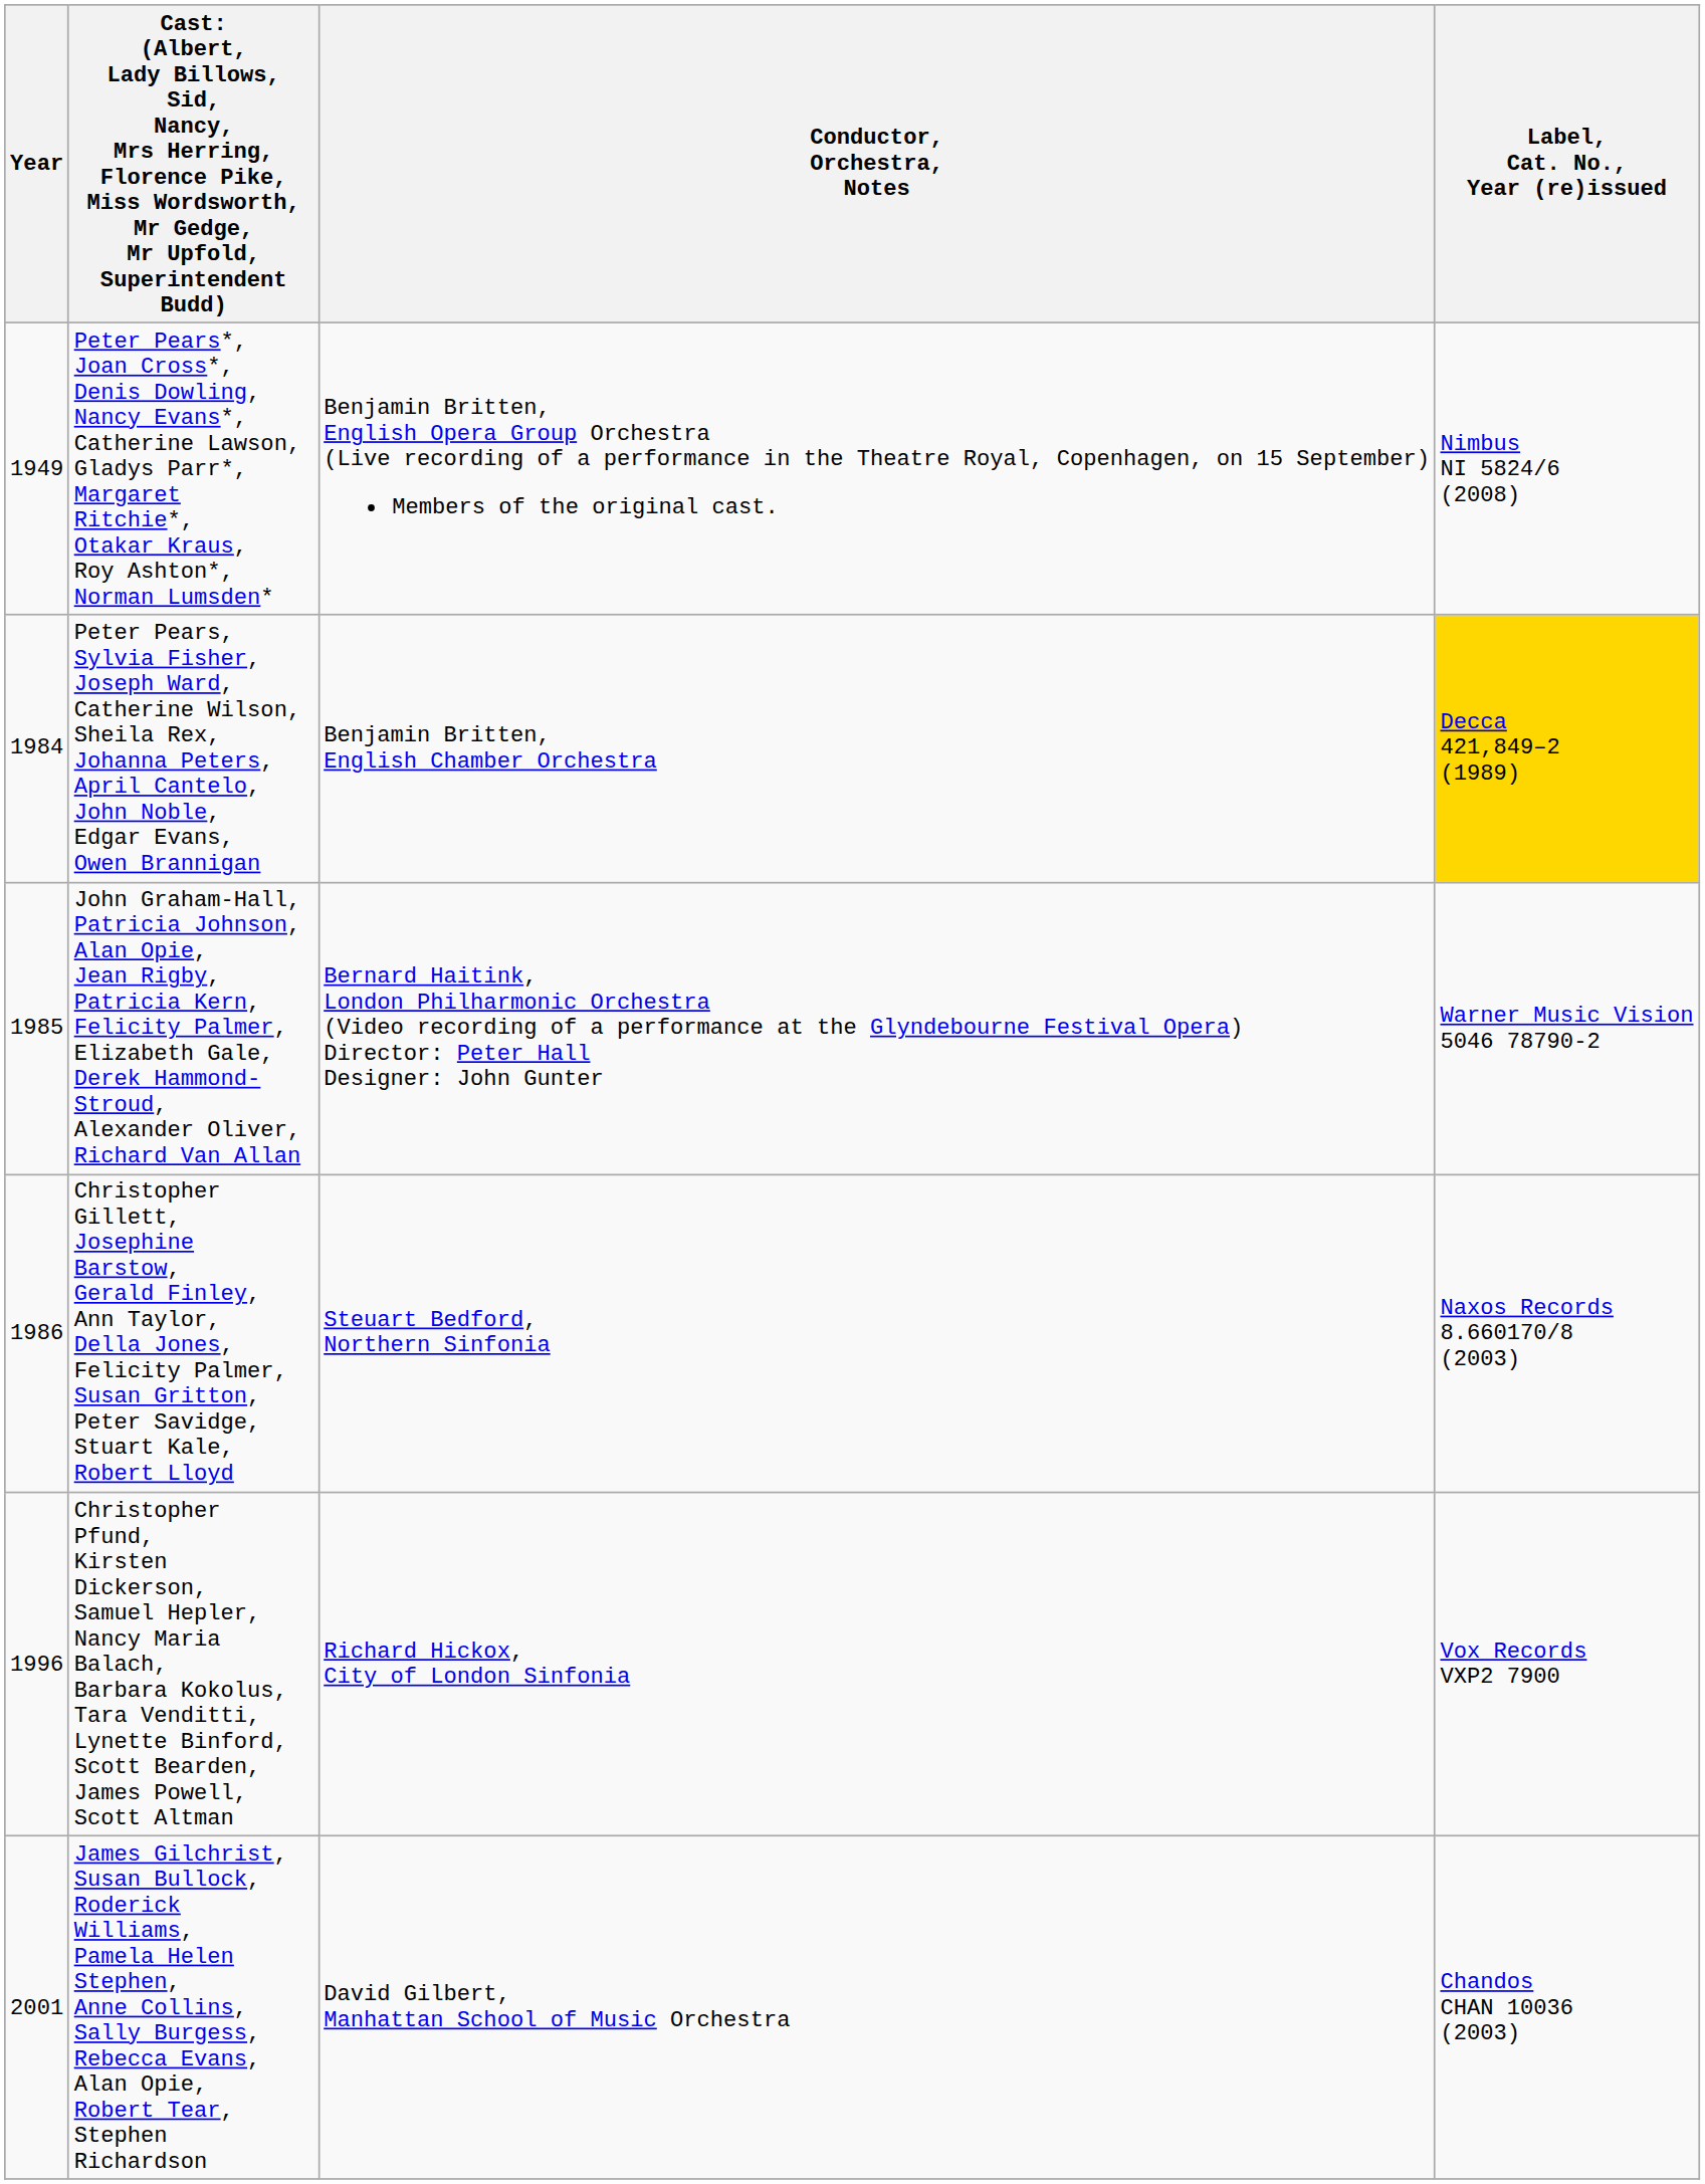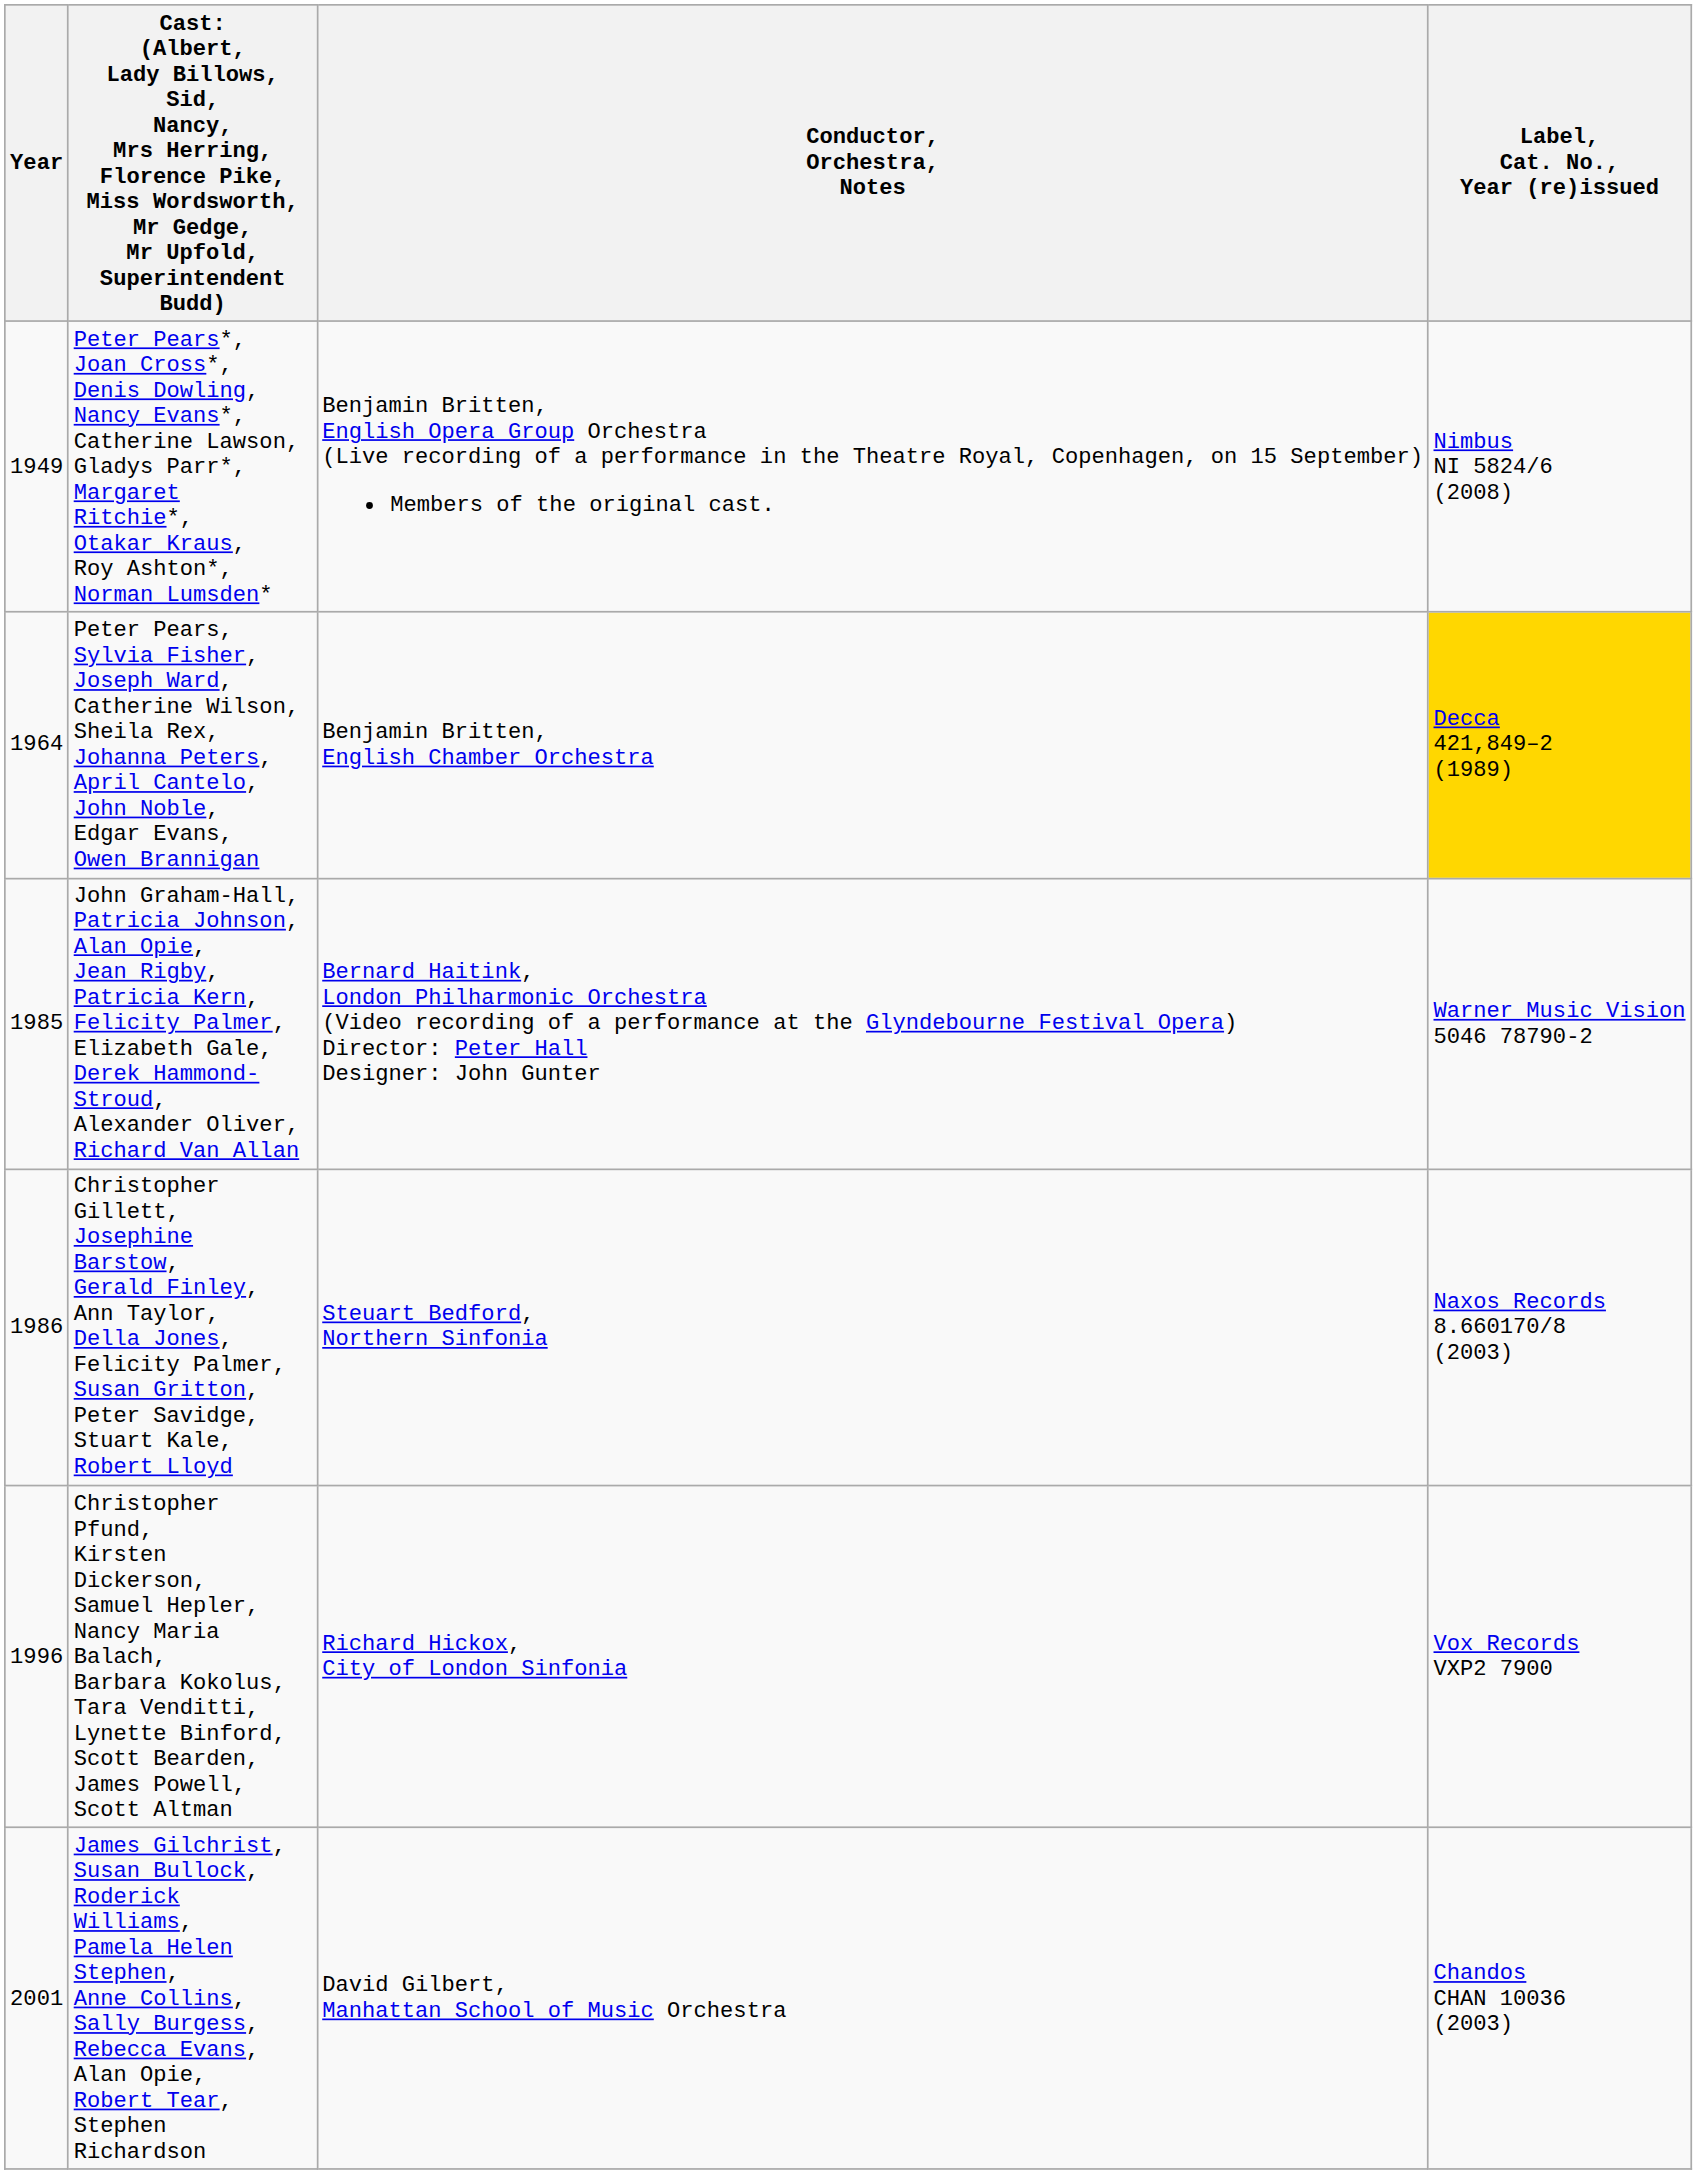 <table class="wikitable">
 <tr>
 <th>Year</th>
 <th Width="140">Cast:<br>(Albert,<br>Lady Billows,<br>Sid,<br>Nancy,<br>Mrs Herring,<br>Florence Pike,<br>Miss Wordsworth,<br>Mr Gedge,<br>Mr Upfold,<br>Superintendent Budd)</th>
 <th>Conductor,<br>Orchestra,<br>Notes</th>
 <th>Label,<br>Cat. No.,<br>Year (re)issued</th>
 </tr>
 <tr>
 <td>1949</td>
 <td><a href='#'>Peter Pears</a>*,<br><a href='#'>Joan Cross</a>*,<br><a href='#'>Denis Dowling</a>,<br><a href='#'>Nancy Evans</a>*,<br>Catherine Lawson,<br>Gladys Parr*,<br><a href='#'>Margaret Ritchie</a>*,<br><a href='#'>Otakar Kraus</a>,<br>Roy Ashton*,<br><a href='#'>Norman Lumsden</a>*<br></td>
 <td>Benjamin Britten,<br><a href='#'>English Opera Group</a> Orchestra<br>(Live recording of a performance in the Theatre Royal, Copenhagen, on 15 September)<br><ul><li>Members of the original cast.</li></ul></td>
 <td><a href='#'>Nimbus</a><br>NI 5824/6<br>(2008)</td>
 </tr>
 <tr>
-<td>1984</td>
+<td>1964</td>
 <td>Peter Pears,<br><a href='#'>Sylvia Fisher</a>,<br><a href='#'>Joseph Ward</a>,<br>Catherine Wilson,<br>Sheila Rex,<br><a href='#'>Johanna Peters</a>,<br><a href='#'>April Cantelo</a>,<br><a href='#'>John Noble</a>,<br>Edgar Evans,<br><a href='#'>Owen Brannigan</a><br></td>
 <td>Benjamin Britten,<br><a href='#'>English Chamber Orchestra</a></td>
 <td style="background: gold;"><a href='#'>Decca</a><br>421,849–2<br>(1989)</td>
 </tr>
 <tr>
 <td>1985</td>
 <td>John Graham-Hall,<br><a href='#'>Patricia Johnson</a>,<br><a href='#'>Alan Opie</a>,<br><a href='#'>Jean Rigby</a>,<br><a href='#'>Patricia Kern</a>,<br><a href='#'>Felicity Palmer</a>,<br>Elizabeth Gale,<br><a href='#'>Derek Hammond-Stroud</a>,<br>Alexander Oliver,<br><a href='#'>Richard Van Allan</a><br></td>
 <td><a href='#'>Bernard Haitink</a>,<br><a href='#'>London Philharmonic Orchestra</a><br>(Video recording of a performance at the <a href='#'>Glyndebourne Festival Opera</a>)<br>Director: <a href='#'>Peter Hall</a><br>Designer: John Gunter</td>
 <td><a href='#'>Warner Music Vision</a><br>5046 78790-2</td>
 </tr>
 <tr>
 <td>1986</td>
 <td>Christopher Gillett,<br><a href='#'>Josephine Barstow</a>,<br><a href='#'>Gerald Finley</a>,<br>Ann Taylor,<br><a href='#'>Della Jones</a>,<br>Felicity Palmer,<br><a href='#'>Susan Gritton</a>,<br>Peter Savidge,<br>Stuart Kale,<br><a href='#'>Robert Lloyd</a></td>
 <td><a href='#'>Steuart Bedford</a>,<br><a href='#'>Northern Sinfonia</a></td>
 <td><a href='#'>Naxos Records</a><br>8.660170/8<br>(2003)</td>
 </tr>
 <tr>
 <td>1996</td>
 <td>Christopher Pfund,<br>Kirsten Dickerson,<br>Samuel Hepler,<br>Nancy Maria Balach,<br>Barbara Kokolus,<br>Tara Venditti,<br>Lynette Binford,<br>Scott Bearden,<br>James Powell,<br>Scott Altman<br></td>
 <td><a href='#'>Richard Hickox</a>,<br><a href='#'>City of London Sinfonia</a></td>
 <td><a href='#'>Vox Records</a><br>VXP2 7900<br></td>
 </tr>
 <tr>
 <td>2001</td>
 <td><a href='#'>James Gilchrist</a>,<br><a href='#'>Susan Bullock</a>,<br><a href='#'>Roderick Williams</a>,<br><a href='#'>Pamela Helen Stephen</a>,<br><a href='#'>Anne Collins</a>,<br><a href='#'>Sally Burgess</a>,<br><a href='#'>Rebecca Evans</a>,<br>Alan Opie,<br><a href='#'>Robert Tear</a>,<br>Stephen Richardson<br></td>
 <td>David Gilbert,<br><a href='#'>Manhattan School of Music</a> Orchestra</td>
 <td><a href='#'>Chandos</a><br>CHAN 10036<br>(2003)</td>
 </tr>
 </table>
